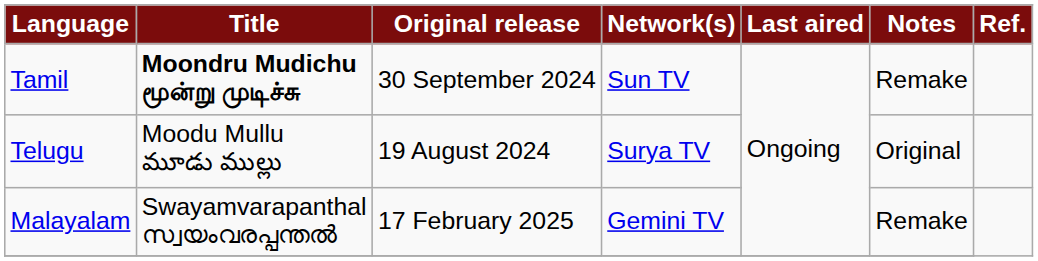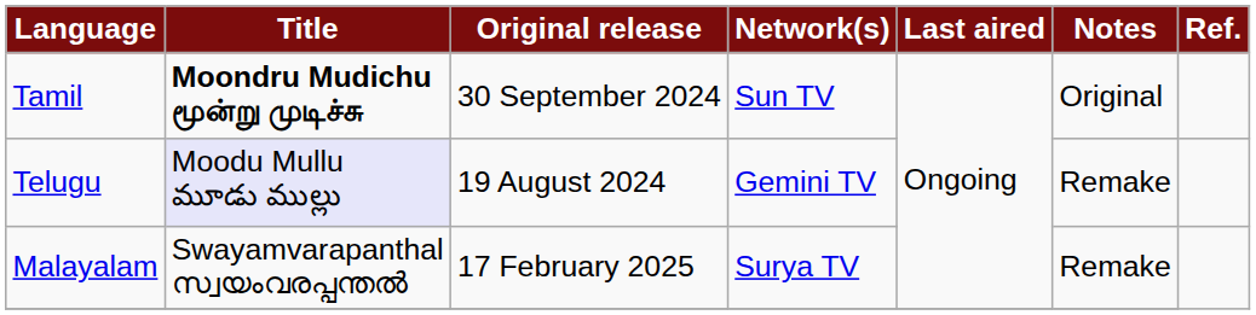 <table class="wikitable" style="margin-right: 0;">
 <tr style="color:black">
 <th style="background:#7b0c0c;color:white">Language</th>
 <th style="background:#7b0c0c;color:white">Title</th>
 <th style="background:#7b0c0c;color:white">Original release</th>
 <th style="background:#7b0c0c;color:white">Network(s)</th>
 <th style="background:#7b0c0c;color:white">Last aired</th>
 <th style="background:#7b0c0c;color:white">Notes</th>
 <th style="background:#7b0c0c;color:white">Ref.</th>
 </tr>
 <tr>
 <td><a href='#'>Tamil</a></td>
 <td><strong>Moondru Mudichu <br> மூன்று முடிச்சு</strong></td>
 <td>30 September 2024</td>
 <td><a href='#'>Sun TV</a></td>
 <td rowspan="3">Ongoing</td>
-<td>Remake</td>
+<td>Original</td>
 <td></td>
 </tr>
 <tr>
 <td><a href='#'>Telugu</a></td>
-<td>Moodu Mullu <br> మూడు ముల్లు</td>
+<td style="background: lavender;">Moodu Mullu <br> మూడు ముల్లు</td>
 <td>19 August 2024</td>
-<td><a href='#'>Surya TV</a></td>
-<td>Original</td>
+<td><a href='#'>Gemini TV</a></td>
+<td>Remake</td>
 <td></td>
 </tr>
 <tr>
 <td><a href='#'>Malayalam</a></td>
 <td>Swayamvarapanthal <br> സ്വയംവരപ്പന്തല്‍</td>
 <td>17 February 2025</td>
-<td><a href='#'>Gemini TV</a></td>
+<td><a href='#'>Surya TV</a></td>
 <td>Remake</td>
 </tr>
 <tr>
 </tr>
 </table>
